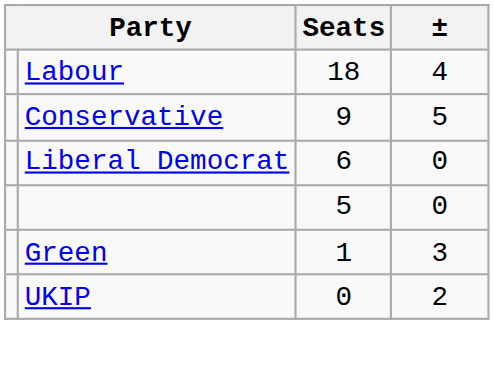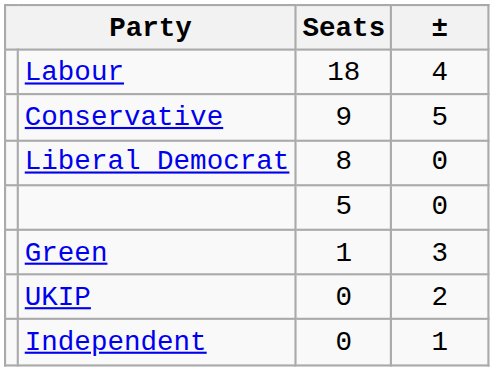 <table class="sortable wikitable">
 <tr>
 <th colspan="2">Party</th>
 <th>Seats</th>
 <th>  ±  </th>
 </tr>
 <tr>
 <td style="background-color: "></td>
 <td><a href='#'>Labour</a></td>
 <td align="center">18</td>
 <td align="center">4</td>
 </tr>
 <tr>
 <td style="background-color: "></td>
 <td><a href='#'>Conservative</a></td>
 <td align="center">9</td>
 <td align="center">5</td>
 </tr>
 <tr>
 <td style="background-color: "></td>
 <td><a href='#'>Liberal Democrat</a></td>
-<td align="center">6</td>
+<td align="center">8</td>
 <td align="center">0</td>
 </tr>
 <tr>
 <td style="background-color: "></td>
 <td><a href='#'></a></td>
 <td align="center">5</td>
 <td align="center">0</td>
 </tr>
 <tr>
 <td style="background-color: "></td>
 <td><a href='#'>Green</a></td>
 <td align="center">1</td>
 <td align="center">3</td>
 </tr>
 <tr>
 <td style="background-color: "></td>
 <td><a href='#'>UKIP</a></td>
 <td align="center">0</td>
 <td align="center">2</td>
 </tr>
+<tr>
+<td style="background-color: "></td>
+<td><a href='#'>Independent</a></td>
+<td align="center">0</td>
+<td align="center">1</td>
+</tr>
 </table>
